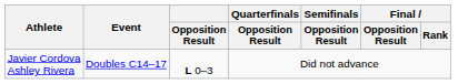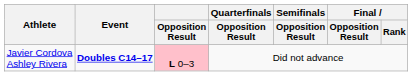 <table class=wikitable style="font-size:90%">
 <tr>
 <th rowspan="2">Athlete</th>
 <th rowspan="2">Event</th>
 <th></th>
 <th>Quarterfinals</th>
 <th>Semifinals</th>
 <th colspan="2">Final / </th>
 </tr>
 <tr style="font-size:95%">
 <th>Opposition<br>Result</th>
 <th>Opposition<br>Result</th>
 <th>Opposition<br>Result</th>
 <th>Opposition<br>Result</th>
 <th>Rank</th>
 </tr>
 <tr align=center>
 <td align=left><a href='#'>Javier Cordova</a><br><a href='#'>Ashley Rivera</a></td>
-<td align=left><a href='#'>Doubles C14–17</a></td>
-<td><br><strong>L</strong> 0–3</td>
+<td align=left><strong><a href='#'>Doubles C14–17</a></strong></td>
+<td style="background: pink;"><br><strong>L</strong> 0–3</td>
 <td colspan=4>Did not advance</td>
 </tr>
 </table>
